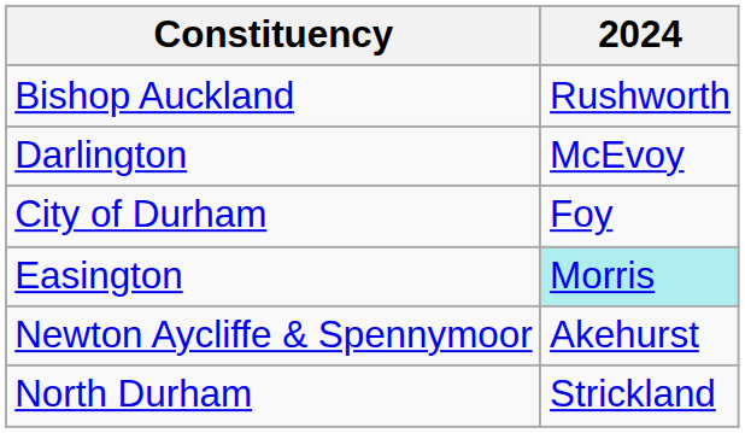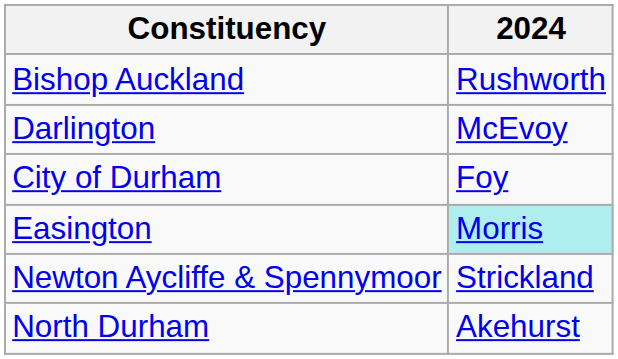 <table class="wikitable">
 <tr>
 <th>Constituency</th>
 <th>2024</th>
 </tr>
 <tr>
 <td><a href='#'>Bishop Auckland</a></td>
 <td><a href='#'>Rushworth</a></td>
 </tr>
 <tr>
 <td><a href='#'>Darlington</a></td>
 <td><a href='#'>McEvoy</a></td>
 </tr>
 <tr>
 <td><a href='#'>City of Durham</a></td>
 <td><a href='#'>Foy</a></td>
 </tr>
 <tr>
 <td><a href='#'>Easington</a></td>
 <td style="background: paleturquoise;"><a href='#'>Morris</a></td>
 </tr>
 <tr>
 <td><a href='#'>Newton Aycliffe & Spennymoor</a></td>
-<td><a href='#'>Akehurst</a></td>
+<td><a href='#'>Strickland</a></td>
 </tr>
 <tr>
 <td><a href='#'>North Durham</a></td>
-<td><a href='#'>Strickland</a></td>
+<td><a href='#'>Akehurst</a></td>
 </tr>
 </table>
